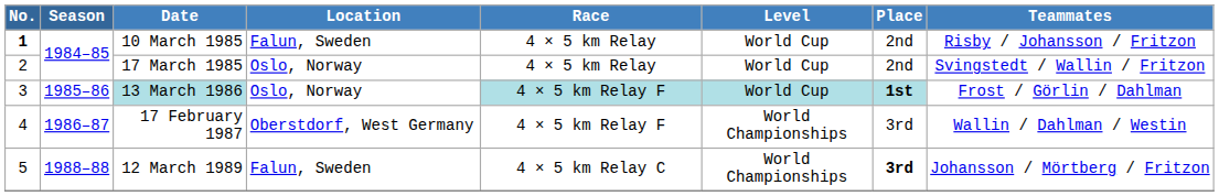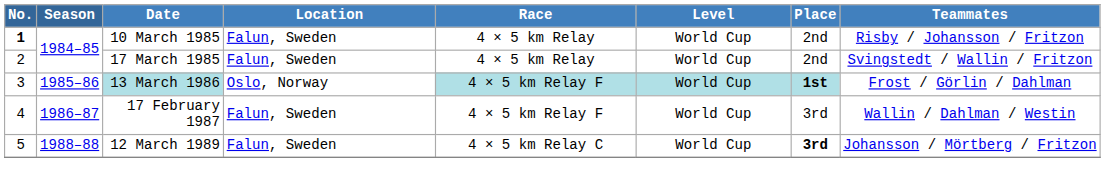 <table class="wikitable sortable" style="font-size:95%; text-align:center; border:grey solid 1px; border-collapse:collapse; background:#ffffff;">
 <tr style="background:#efefef;">
 <th style="background-color:#369; color:white;">No.</th>
 <th style="background-color:#369; color:white;">Season</th>
 <th style="background-color:#4180be; color:white; width:100px;">Date</th>
 <th style="background-color:#4180be; color:white; width:180px;">Location</th>
 <th style="background-color:#4180be; color:white; width:170px;">Race</th>
 <th style="background-color:#4180be; color:white; width:130px;">Level</th>
 <th style="background-color:#4180be; color:white;">Place</th>
 <th style="background-color:#4180be; color:white;">Teammates</th>
 </tr>
 <tr>
 <td align=center><strong>1</strong></td>
 <td rowspan=2 align=center><a href='#'>1984–85</a></td>
 <td align=right>10 March 1985</td>
 <td align=left> <a href='#'>Falun</a>, Sweden</td>
 <td>4 × 5 km Relay</td>
 <td>World Cup</td>
 <td>2nd</td>
 <td><a href='#'>Risby</a> / <a href='#'>Johansson</a> / <a href='#'>Fritzon</a></td>
 </tr>
 <tr>
 <td align=center>2</td>
 <td align=right>17 March 1985</td>
-<td align=left> <a href='#'>Oslo</a>, Norway</td>
+<td align=left> <a href='#'>Falun</a>, Sweden</td>
 <td>4 × 5 km Relay</td>
 <td>World Cup</td>
 <td>2nd</td>
 <td><a href='#'>Svingstedt</a> / <a href='#'>Wallin</a> / <a href='#'>Fritzon</a></td>
 </tr>
 <tr>
 <td align=center>3</td>
 <td rowspan=1 align=center><a href='#'>1985–86</a></td>
 <td bgcolor="#BOEOE6" align=right>13 March 1986</td>
 <td align=left> <a href='#'>Oslo</a>, Norway</td>
 <td bgcolor="#BOEOE6">4 × 5 km Relay F</td>
 <td bgcolor="#BOEOE6">World Cup</td>
 <td bgcolor="#BOEOE6"><strong>1st</strong></td>
 <td><a href='#'>Frost</a> / <a href='#'>Görlin</a> / <a href='#'>Dahlman</a></td>
 </tr>
 <tr>
 <td align=center>4</td>
 <td rowspan=1 align=center><a href='#'>1986–87</a></td>
 <td align=right>17 February 1987</td>
-<td align=left> <a href='#'>Oberstdorf</a>, West Germany</td>
+<td align=left> <a href='#'>Falun</a>, Sweden</td>
 <td>4 × 5 km Relay F</td>
-<td>World Championships</td>
+<td>World Cup</td>
 <td>3rd</td>
 <td><a href='#'>Wallin</a> / <a href='#'>Dahlman</a> / <a href='#'>Westin</a></td>
 </tr>
 <tr>
 <td align=center>5</td>
 <td rowspan=1 align=center><a href='#'>1988–88</a></td>
 <td align=right>12 March 1989</td>
 <td align=left> <a href='#'>Falun</a>, Sweden</td>
 <td>4 × 5 km Relay C</td>
-<td>World Championships</td>
+<td>World Cup</td>
 <td><strong>3rd</strong></td>
 <td><a href='#'>Johansson</a> / <a href='#'>Mörtberg</a> / <a href='#'>Fritzon</a></td>
 </tr>
 <tr>
 </tr>
 </table>
